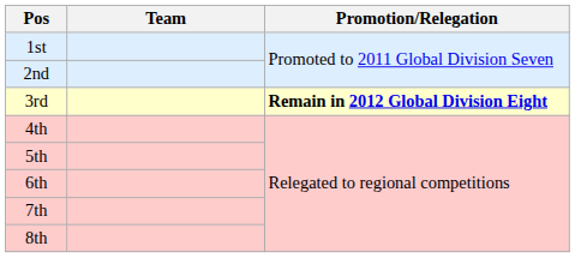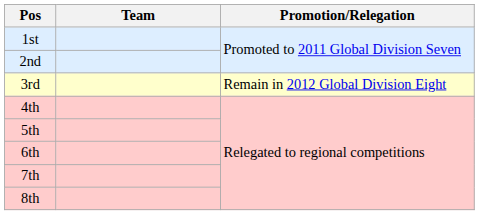 <table class="wikitable">
 <tr>
 <th width=50>Pos</th>
 <th width=175>Team</th>
 <th width=275>Promotion/Relegation</th>
 </tr>
 <tr style="background:#ddeeff">
 <td align="center">1st</td>
 <td></td>
 <td rowspan=2>Promoted to <a href='#'>2011 Global Division Seven</a></td>
 </tr>
 <tr style="background:#ddeeff">
 <td align="center">2nd</td>
 <td></td>
 </tr>
 <tr style="background:#ffffcc;">
 <td align="center">3rd</td>
 <td></td>
-<td rowspan=1><strong>Remain in <a href='#'>2012 Global Division Eight</a></strong></td>
+<td rowspan=1>Remain in <a href='#'>2012 Global Division Eight</a></td>
 </tr>
 <tr style="background:#ffcccc;">
 <td align="center">4th</td>
 <td></td>
 <td rowspan=5>Relegated to regional competitions</td>
 </tr>
 <tr style="background:#ffcccc;">
 <td align="center">5th</td>
 <td></td>
 </tr>
 <tr style="background:#ffcccc;">
 <td align="center">6th</td>
 <td></td>
 </tr>
 <tr style="background:#ffcccc;">
 <td align="center">7th</td>
 <td></td>
 </tr>
 <tr style="background:#ffcccc;">
 <td align="center">8th</td>
 <td></td>
 </tr>
 </table>
